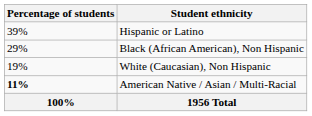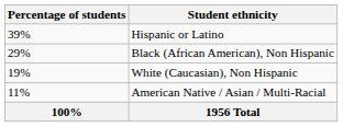 <table class="wikitable">
 <tr>
 <th>Percentage of students</th>
 <th>Student ethnicity</th>
 </tr>
 <tr>
 <td>39%</td>
 <td>Hispanic or Latino</td>
 </tr>
 <tr>
 <td>29%</td>
 <td>Black (African American), Non Hispanic</td>
 </tr>
 <tr>
 <td>19%</td>
 <td>White (Caucasian), Non Hispanic</td>
 </tr>
 <tr>
-<td><strong>11%</strong></td>
+<td>11%</td>
 <td>American Native / Asian / Multi-Racial</td>
 </tr>
 <tr>
 <th>100%</th>
 <th>1956 Total</th>
 </tr>
 </table>
